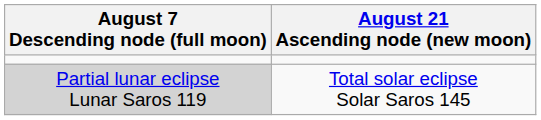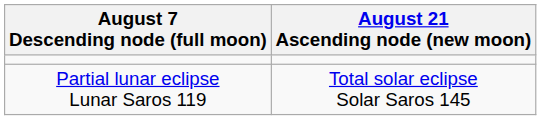 <table class="wikitable">
 <tr>
 <th>August 7<br>Descending node (full moon)<br></th>
 <th><a href='#'>August 21</a><br>Ascending node (new moon)<br></th>
 </tr>
 <tr>
 <td></td>
 <td></td>
 </tr>
 <tr align=center>
-<td style="background: lightgrey;"><a href='#'>Partial lunar eclipse</a><br>Lunar Saros 119</td>
+<td><a href='#'>Partial lunar eclipse</a><br>Lunar Saros 119</td>
 <td><a href='#'>Total solar eclipse</a><br>Solar Saros 145</td>
 </tr>
 </table>
